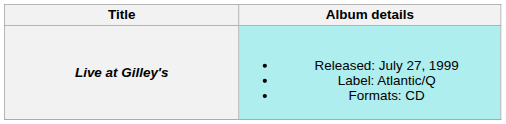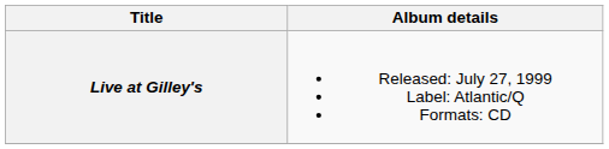 <table class="wikitable plainrowheaders" style="text-align:center;">
 <tr>
 <th scope="col" style="width:17em;">Title</th>
 <th scope="col" style="width:19em;">Album details</th>
 </tr>
 <tr>
 <th scope="row"><em>Live at Gilley's</em></th>
-<td style="background: paleturquoise;"><br><ul><li>Released: July 27, 1999</li><li>Label: Atlantic/Q</li><li>Formats: CD</li></ul></td>
+<td><br><ul><li>Released: July 27, 1999</li><li>Label: Atlantic/Q</li><li>Formats: CD</li></ul></td>
 </tr>
 <tr>
 </tr>
 </table>
